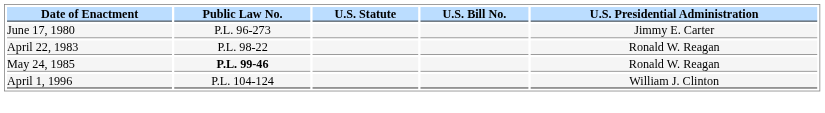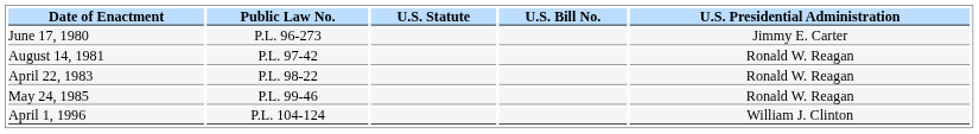 <table style="border:1px solid gray; align:left; width:85%" cellspacing=3 cellpadding=0>
 <tr style="font-weight:bold; text-align:center; background:#bbddff; color:black;">
 <th style=" border-bottom:1.5px solid black">Date of Enactment</th>
 <th style=" border-bottom:1.5px solid black">Public Law No.</th>
 <th style=" border-bottom:1.5px solid black">U.S. Statute</th>
 <th style=" border-bottom:1.5px solid black">U.S. Bill No.</th>
 <th style=" border-bottom:1.5px solid black">U.S. Presidential Administration</th>
 </tr>
 <tr>
 <td style="border-bottom:1px solid gray; background:#F5F5F5;">June 17, 1980</td>
 <td style="border-bottom:1px solid gray; background:#F5F5F5; text-align:center;">P.L. 96-273</td>
 <td style="border-bottom:1px solid gray; background:#F5F5F5; text-align:center;"></td>
 <td style="border-bottom:1px solid gray; background:#F5F5F5; text-align:center;"></td>
 <td style="border-bottom:1px solid gray; background:#F5F5F5; text-align:center;">Jimmy E. Carter</td>
 </tr>
 <tr>
+<td style="border-bottom:1px solid gray; background:#F5F5F5;">August 14, 1981</td>
+<td style="border-bottom:1px solid gray; background:#F5F5F5; text-align:center;">P.L. 97-42</td>
+<td style="border-bottom:1px solid gray; background:#F5F5F5; text-align:center;"></td>
+<td style="border-bottom:1px solid gray; background:#F5F5F5; text-align:center;"></td>
+<td style="border-bottom:1px solid gray; background:#F5F5F5; text-align:center;">Ronald W. Reagan</td>
+</tr>
+<tr>
 <td style="border-bottom:1px solid gray; background:#F5F5F5;">April 22, 1983</td>
 <td style="border-bottom:1px solid gray; background:#F5F5F5; text-align:center;">P.L. 98-22</td>
 <td style="border-bottom:1px solid gray; background:#F5F5F5; text-align:center;"></td>
 <td style="border-bottom:1px solid gray; background:#F5F5F5; text-align:center;"></td>
 <td style="border-bottom:1px solid gray; background:#F5F5F5; text-align:center;">Ronald W. Reagan</td>
 </tr>
 <tr>
 <td style="border-bottom:1px solid gray; background:#F5F5F5;">May 24, 1985</td>
-<td style="border-bottom:1px solid gray; background:#F5F5F5; text-align:center;"><strong>P.L. 99-46</strong></td>
+<td style="border-bottom:1px solid gray; background:#F5F5F5; text-align:center;">P.L. 99-46</td>
 <td style="border-bottom:1px solid gray; background:#F5F5F5; text-align:center;"></td>
 <td style="border-bottom:1px solid gray; background:#F5F5F5; text-align:center;"></td>
 <td style="border-bottom:1px solid gray; background:#F5F5F5; text-align:center;">Ronald W. Reagan</td>
 </tr>
 <tr>
 <td style="border-bottom:1.5px solid black; background:#F5F5F5;">April 1, 1996</td>
 <td style="border-bottom:1.5px solid black; background:#F5F5F5; text-align:center;">P.L. 104-124</td>
 <td style="border-bottom:1.5px solid black; background:#F5F5F5; text-align:center;"></td>
 <td style="border-bottom:1.5px solid black; background:#F5F5F5; text-align:center;"></td>
 <td style="border-bottom:1.5px solid black; background:#F5F5F5; text-align:center;">William J. Clinton</td>
 </tr>
 </table>
